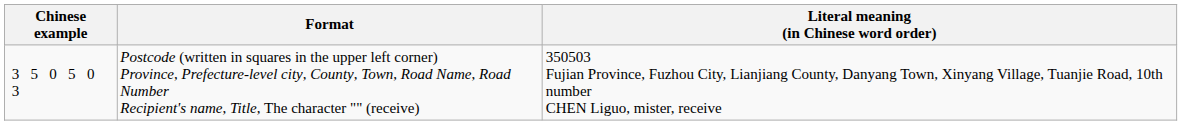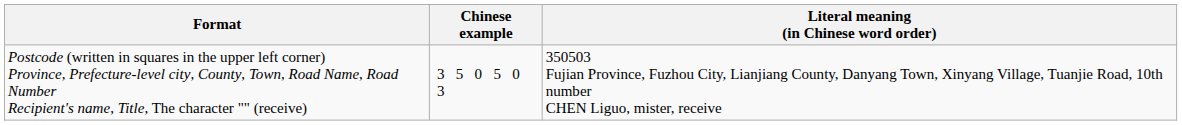 <table class="wikitable">
 <tr>
+<th>Format</th>
 <th>Chinese example</th>
-<th>Format</th>
 <th>Literal meaning<br>(in Chinese word order)</th>
 </tr>
 <tr>
+<td><em>Postcode</em> (written in squares in the upper left corner)<br><em>Province</em>, <em>Prefecture-level city</em>, <em>County</em>, <em>Town</em>, <em>Road Name</em>, <em>Road Number</em><br><em>Recipient's name</em>, <em>Title</em>, The character "" (receive)</td>
 <td><br><span> 3 </span> <span> 5 </span> <span> 0 </span> <span> 5 </span> <span> 0 </span> <span> 3 </span><br><br></td>
-<td><em>Postcode</em> (written in squares in the upper left corner)<br><em>Province</em>, <em>Prefecture-level city</em>, <em>County</em>, <em>Town</em>, <em>Road Name</em>, <em>Road Number</em><br><em>Recipient's name</em>, <em>Title</em>, The character "" (receive)</td>
 <td>350503<br>Fujian Province, Fuzhou City, Lianjiang County, Danyang Town, Xinyang Village, Tuanjie Road, 10th number<br>CHEN Liguo, mister, receive</td>
 </tr>
 </table>
